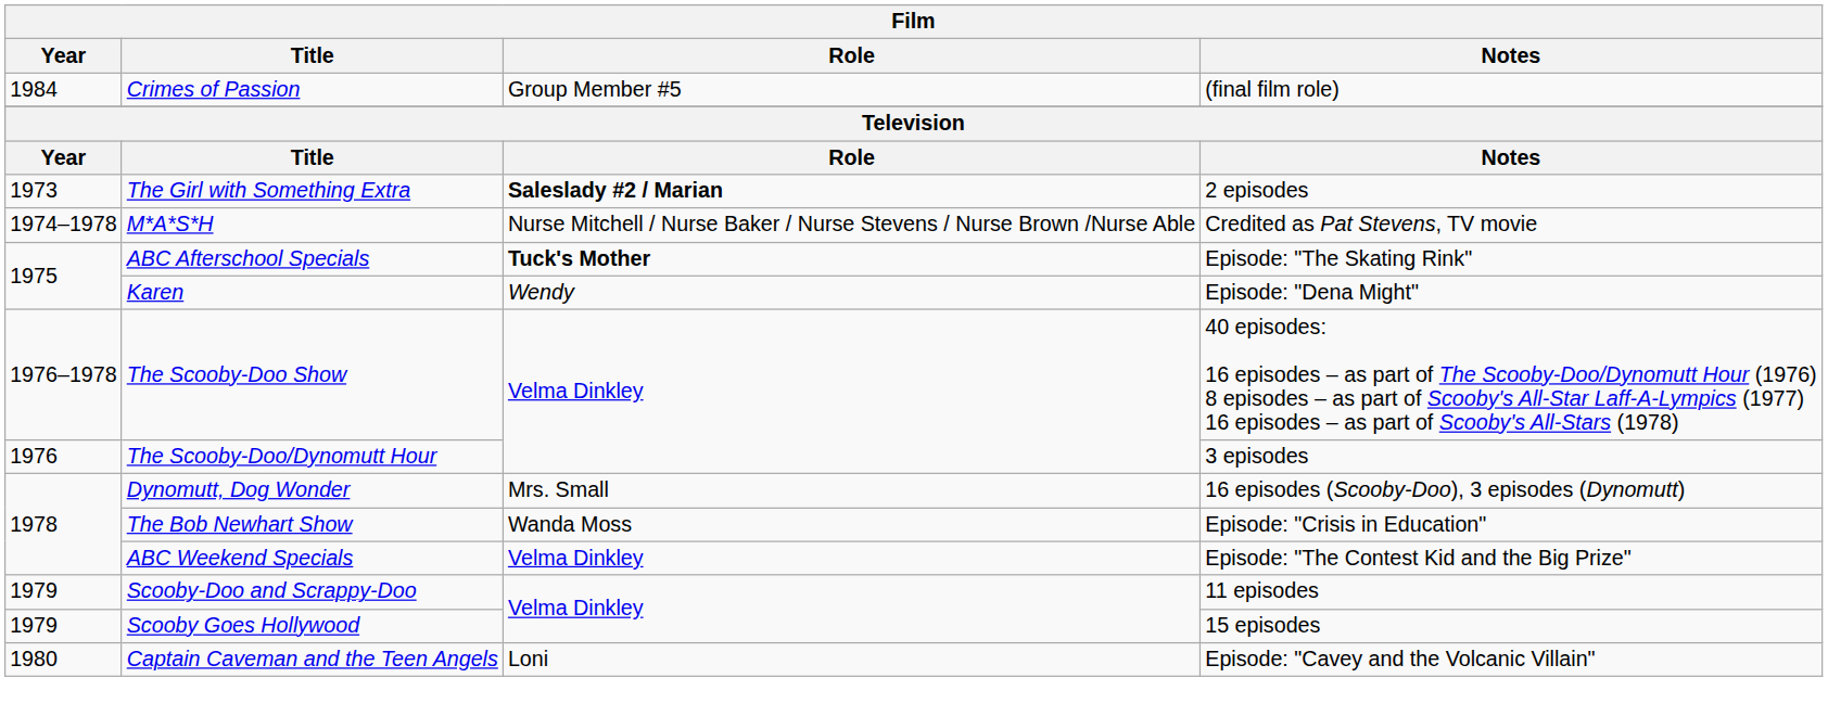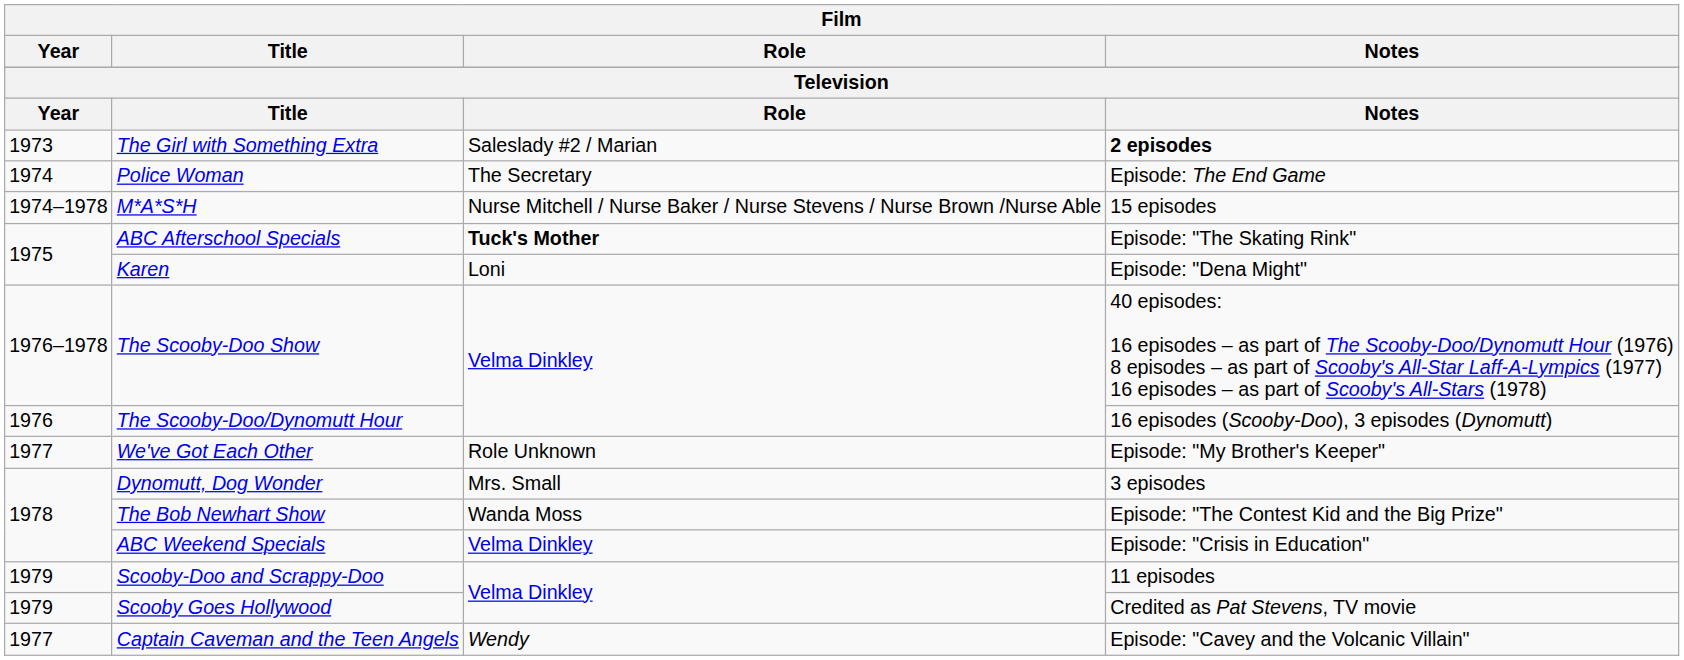 <table class="wikitable">
 <tr>
 <th colspan=4>Film</th>
 </tr>
 <tr>
 <th>Year</th>
 <th>Title</th>
 <th>Role</th>
 <th>Notes</th>
-</tr>
-<tr>
-<td>1984</td>
-<td><em><a href='#'>Crimes of Passion</a></em></td>
-<td>Group Member #5</td>
-<td>(final film role)</td>
 </tr>
 <tr>
 </tr>
 <tr bgcolor="lightsteelblue">
 <th colspan=4>Television</th>
 </tr>
 <tr>
 <th>Year</th>
 <th>Title</th>
 <th>Role</th>
 <th>Notes</th>
 </tr>
 <tr>
 <td>1973</td>
 <td><em><a href='#'>The Girl with Something Extra</a></em></td>
-<td><strong>Saleslady #2 / Marian</strong></td>
-<td>2 episodes</td>
+<td>Saleslady #2 / Marian</td>
+<td><strong>2 episodes</strong></td>
+</tr>
+<tr>
+<td>1974</td>
+<td><em><a href='#'>Police Woman</a></em></td>
+<td>The Secretary</td>
+<td>Episode: <em>The End Game</em></td>
 </tr>
 <tr>
 <td>1974–1978</td>
 <td><em><a href='#'>M*A*S*H</a></em></td>
 <td>Nurse Mitchell / Nurse Baker / Nurse Stevens / Nurse Brown /Nurse Able</td>
-<td>Credited as <em>Pat Stevens</em>, TV movie</td>
+<td>15 episodes</td>
 </tr>
 <tr>
 <td rowspan=2>1975</td>
 <td><em><a href='#'>ABC Afterschool Specials</a></em></td>
 <td><strong>Tuck's Mother</strong></td>
 <td>Episode: "The Skating Rink"</td>
 </tr>
 <tr>
 <td><em><a href='#'>Karen</a></em></td>
-<td><em>Wendy</em></td>
+<td>Loni</td>
 <td>Episode: "Dena Might"</td>
 </tr>
 <tr>
 <td>1976–1978</td>
 <td><em><a href='#'>The Scooby-Doo Show</a></em></td>
 <td rowspan="2"><a href='#'>Velma Dinkley</a></td>
 <td>40 episodes:<br><br>16 episodes – as part of <em><a href='#'>The Scooby-Doo/Dynomutt Hour</a></em> (1976)<br> 8 episodes – as part of <em><a href='#'>Scooby's All-Star Laff-A-Lympics</a></em> (1977)<br> 16 episodes – as part of <em><a href='#'>Scooby's All-Stars</a></em> (1978)</td>
 </tr>
 <tr>
 <td>1976</td>
 <td><em><a href='#'>The Scooby-Doo/Dynomutt Hour</a></em></td>
-<td>3 episodes</td>
+<td>16 episodes (<em>Scooby-Doo</em>), 3 episodes (<em>Dynomutt</em>)</td>
+</tr>
+<tr>
+<td>1977</td>
+<td><em><a href='#'>We've Got Each Other</a></em></td>
+<td>Role Unknown</td>
+<td>Episode: "My Brother's Keeper"</td>
 </tr>
 <tr>
 <td rowspan=3>1978</td>
 <td><em><a href='#'>Dynomutt, Dog Wonder</a></em></td>
 <td>Mrs. Small</td>
-<td>16 episodes (<em>Scooby-Doo</em>), 3 episodes (<em>Dynomutt</em>)</td>
+<td>3 episodes</td>
 </tr>
 <tr>
 <td><em><a href='#'>The Bob Newhart Show</a></em></td>
 <td>Wanda Moss</td>
-<td>Episode: "Crisis in Education"</td>
+<td>Episode: "The Contest Kid and the Big Prize"</td>
 </tr>
 <tr>
 <td><em><a href='#'>ABC Weekend Specials</a></em></td>
 <td><a href='#'>Velma Dinkley</a></td>
-<td>Episode: "The Contest Kid and the Big Prize"</td>
+<td>Episode: "Crisis in Education"</td>
 </tr>
 <tr>
 <td>1979</td>
 <td><em><a href='#'>Scooby-Doo and Scrappy-Doo</a></em></td>
 <td rowspan="2"><a href='#'>Velma Dinkley</a></td>
 <td>11 episodes</td>
 </tr>
 <tr>
 <td>1979</td>
 <td><em><a href='#'>Scooby Goes Hollywood</a></em></td>
-<td>15 episodes</td>
+<td>Credited as <em>Pat Stevens</em>, TV movie</td>
 </tr>
 <tr>
-<td>1980</td>
+<td>1977</td>
 <td><em><a href='#'>Captain Caveman and the Teen Angels</a></em></td>
-<td>Loni</td>
+<td><em>Wendy</em></td>
 <td>Episode: "Cavey and the Volcanic Villain"</td>
 </tr>
 </table>
